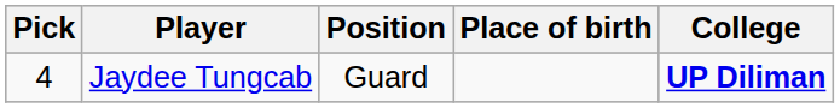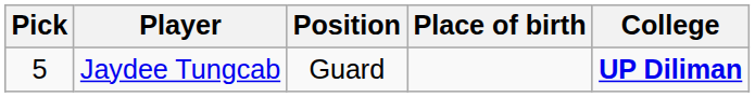 <table class="wikitable sortable sortable" style="text-align:center">
 <tr>
 <th>Pick</th>
 <th>Player</th>
 <th>Position</th>
 <th>Place of birth</th>
 <th>College</th>
 </tr>
 <tr>
-<td>4</td>
+<td>5</td>
 <td><a href='#'>Jaydee Tungcab</a></td>
 <td>Guard</td>
 <td></td>
 <td><strong><a href='#'>UP Diliman</a></strong></td>
 </tr>
 </table>
